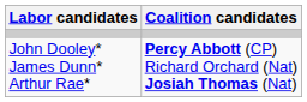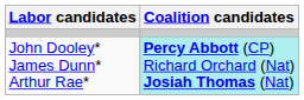 <table class="wikitable">
 <tr>
 <th><a href='#'>Labor</a> candidates</th>
 <th><a href='#'>Coalition</a> candidates</th>
 </tr>
 <tr bgcolor="#cccccc">
 <td></td>
 <td></td>
 </tr>
 <tr>
 <td><a href='#'>John Dooley</a>*<br><a href='#'>James Dunn</a>*<br><a href='#'>Arthur Rae</a>*</td>
-<td><strong><a href='#'>Percy Abbott</a></strong> (<a href='#'>CP</a>)<br><a href='#'>Richard Orchard</a> (<a href='#'>Nat</a>)<br><strong><a href='#'>Josiah Thomas</a></strong> (<a href='#'>Nat</a>)</td>
+<td style="background: paleturquoise;"><strong><a href='#'>Percy Abbott</a></strong> (<a href='#'>CP</a>)<br><a href='#'>Richard Orchard</a> (<a href='#'>Nat</a>)<br><strong><a href='#'>Josiah Thomas</a></strong> (<a href='#'>Nat</a>)</td>
 </tr>
 </table>
